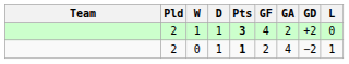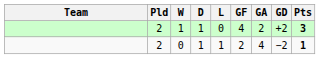 <table class="wikitable" style="text-align:center;">
 <tr>
 <th width=180>Team</th>
 <th width=20>Pld</th>
 <th width=20>W</th>
 <th width=20>D</th>
-<th width=20>Pts</th>
+<th width=20>L</th>
 <th width=20>GF</th>
 <th width=20>GA</th>
 <th width=20>GD</th>
-<th width=20>L</th>
+<th width=20>Pts</th>
 </tr>
 <tr bgcolor="ccffcc">
 <td align="left"></td>
 <td>2</td>
 <td>1</td>
 <td>1</td>
-<td><strong>3</strong></td>
+<td>0</td>
 <td>4</td>
 <td>2</td>
 <td>+2</td>
-<td>0</td>
+<td><strong>3</strong></td>
 </tr>
 <tr>
 <td align="left"></td>
 <td>2</td>
 <td>0</td>
 <td>1</td>
-<td><strong>1</strong></td>
+<td>1</td>
 <td>2</td>
 <td>4</td>
 <td>−2</td>
-<td>1</td>
+<td><strong>1</strong></td>
 </tr>
 </table>
